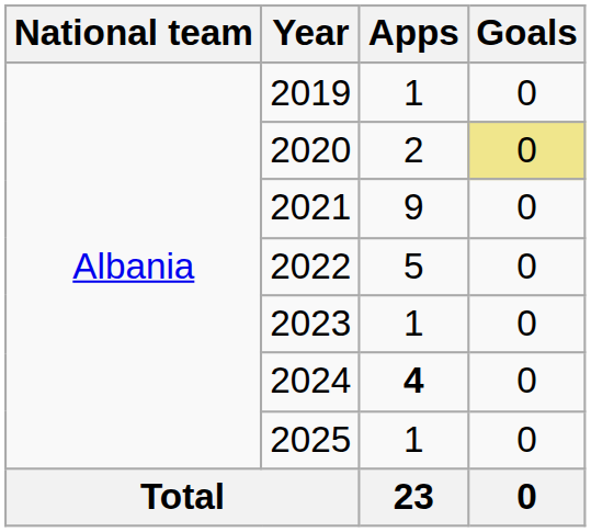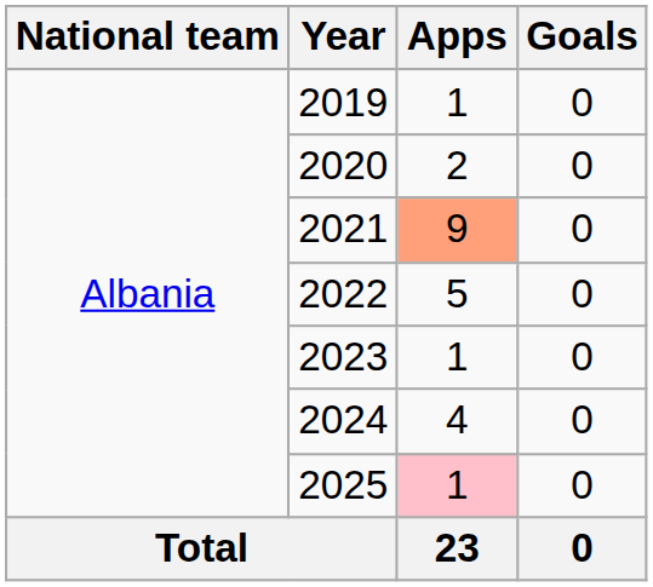 <table class=wikitable style="text-align: center">
 <tr>
 <th>National team</th>
 <th>Year</th>
 <th>Apps</th>
 <th>Goals</th>
 </tr>
 <tr>
 <td rowspan="7"><a href='#'>Albania</a></td>
 <td>2019</td>
 <td>1</td>
 <td>0</td>
 </tr>
 <tr>
 <td>2020</td>
 <td>2</td>
-<td style="background: khaki;">0</td>
+<td>0</td>
 </tr>
 <tr>
 <td>2021</td>
-<td>9</td>
+<td style="background: lightsalmon;">9</td>
 <td>0</td>
 </tr>
 <tr>
 <td>2022</td>
 <td>5</td>
 <td>0</td>
 </tr>
 <tr>
 <td>2023</td>
 <td>1</td>
 <td>0</td>
 </tr>
 <tr>
 <td>2024</td>
-<td><strong>4</strong></td>
+<td>4</td>
 <td>0</td>
 </tr>
 <tr>
 <td>2025</td>
-<td>1</td>
+<td style="background: pink;">1</td>
 <td>0</td>
 </tr>
 <tr>
 <th colspan="2">Total</th>
 <th>23</th>
 <th>0</th>
 </tr>
 </table>
